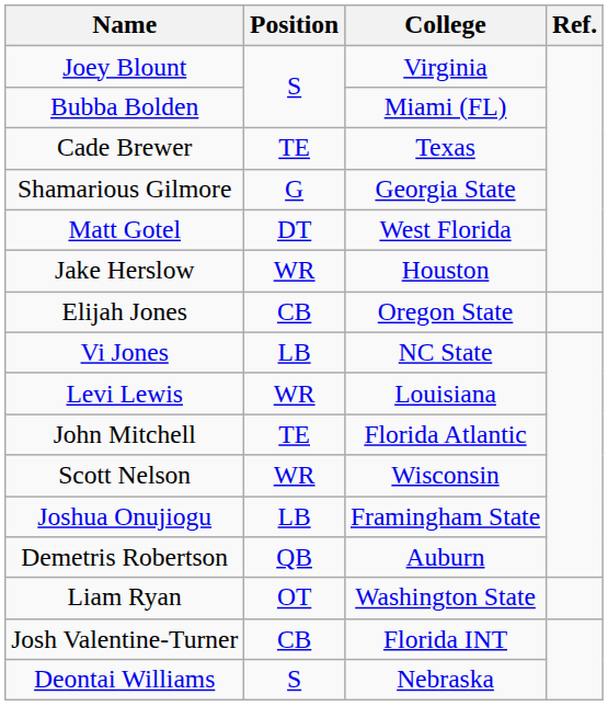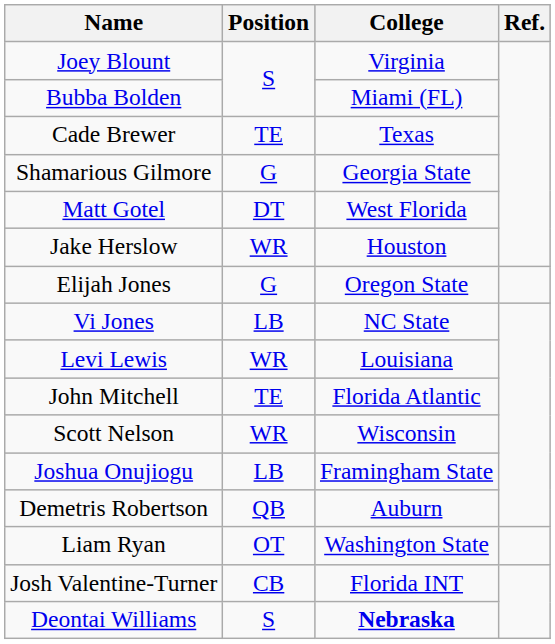 <table class="wikitable" style="text-align:center">
 <tr>
 <th>Name</th>
 <th>Position</th>
 <th>College</th>
 <th>Ref.</th>
 </tr>
 <tr>
 <td><a href='#'>Joey Blount</a></td>
 <td rowspan=2><a href='#'>S</a></td>
 <td><a href='#'>Virginia</a></td>
 <td rowspan=6></td>
 </tr>
 <tr>
 <td><a href='#'>Bubba Bolden</a></td>
 <td><a href='#'>Miami (FL)</a></td>
 </tr>
 <tr>
 <td>Cade Brewer</td>
 <td><a href='#'>TE</a></td>
 <td><a href='#'>Texas</a></td>
 </tr>
 <tr>
 <td>Shamarious Gilmore</td>
 <td><a href='#'>G</a></td>
 <td><a href='#'>Georgia State</a></td>
 </tr>
 <tr>
 <td><a href='#'>Matt Gotel</a></td>
 <td><a href='#'>DT</a></td>
 <td><a href='#'>West Florida</a></td>
 </tr>
 <tr>
 <td>Jake Herslow</td>
 <td><a href='#'>WR</a></td>
 <td><a href='#'>Houston</a></td>
 </tr>
 <tr>
 <td>Elijah Jones</td>
-<td><a href='#'>CB</a></td>
+<td><a href='#'>G</a></td>
 <td><a href='#'>Oregon State</a></td>
 <td></td>
 </tr>
 <tr>
 <td><a href='#'>Vi Jones</a></td>
 <td><a href='#'>LB</a></td>
 <td><a href='#'>NC State</a></td>
 <td rowspan=6></td>
 </tr>
 <tr>
 <td><a href='#'>Levi Lewis</a></td>
 <td><a href='#'>WR</a></td>
 <td><a href='#'>Louisiana</a></td>
 </tr>
 <tr>
 <td>John Mitchell</td>
 <td><a href='#'>TE</a></td>
 <td><a href='#'>Florida Atlantic</a></td>
 </tr>
 <tr>
 <td>Scott Nelson</td>
 <td><a href='#'>WR</a></td>
 <td><a href='#'>Wisconsin</a></td>
 </tr>
 <tr>
 <td><a href='#'>Joshua Onujiogu</a></td>
 <td><a href='#'>LB</a></td>
 <td><a href='#'>Framingham State</a></td>
 </tr>
 <tr>
 <td>Demetris Robertson</td>
 <td><a href='#'>QB</a></td>
 <td><a href='#'>Auburn</a></td>
 </tr>
 <tr>
 <td>Liam Ryan</td>
 <td><a href='#'>OT</a></td>
 <td><a href='#'>Washington State</a></td>
 <td></td>
 </tr>
 <tr>
 <td>Josh Valentine-Turner</td>
 <td><a href='#'>CB</a></td>
 <td><a href='#'>Florida INT</a></td>
 <td rowspan=2></td>
 </tr>
 <tr>
 <td><a href='#'>Deontai Williams</a></td>
 <td><a href='#'>S</a></td>
-<td><a href='#'>Nebraska</a></td>
+<td><strong><a href='#'>Nebraska</a></strong></td>
 </tr>
 </table>
